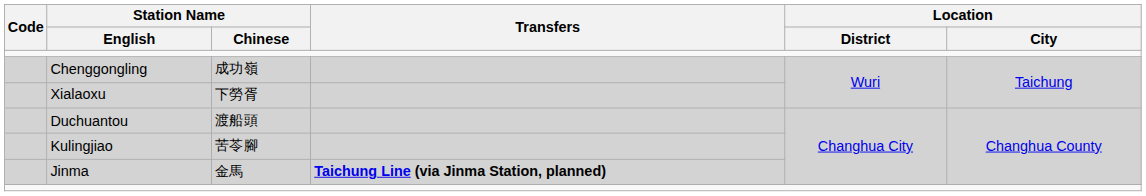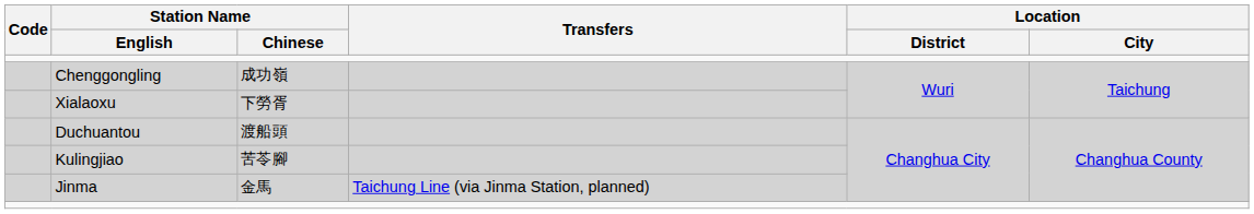 <table class="wikitable" style="width: 100%">
 <tr bgcolor = "lightgrey">
 <th scope="col" rowspan="2" style="width: 30px;">Code</th>
 <th colspan="2">Station Name</th>
 <th rowspan="2">Transfers</th>
 <th colspan="2">Location</th>
 </tr>
 <tr bgcolor = "lightgrey">
 <th>English</th>
 <th>Chinese</th>
 <th>District</th>
 <th>City</th>
 </tr>
 <tr>
 <td colspan = "6"></td>
 </tr>
 <tr bgcolor = "lightgrey">
 <td></td>
 <td>Chenggongling</td>
 <td>成功嶺</td>
 <td> </td>
 <td rowspan="2" style="text-align:center;"><a href='#'>Wuri</a></td>
 <td rowspan="2" style="text-align:center;"><a href='#'>Taichung</a></td>
 </tr>
 <tr bgcolor = "lightgrey">
 <td></td>
 <td>Xialaoxu</td>
 <td>下勞胥</td>
 <td> </td>
 </tr>
 <tr bgcolor = "lightgrey">
 <td></td>
 <td>Duchuantou</td>
 <td>渡船頭</td>
 <td> </td>
 <td rowspan="3" style="text-align:center;"><a href='#'>Changhua City</a></td>
 <td rowspan="3" style="text-align:center;"><a href='#'>Changhua County</a></td>
 </tr>
 <tr bgcolor = "lightgrey">
 <td></td>
 <td>Kulingjiao</td>
 <td>苦苓腳</td>
 <td> </td>
 </tr>
 <tr bgcolor = "lightgrey">
 <td></td>
 <td>Jinma</td>
 <td>金馬</td>
-<td><strong> <a href='#'>Taichung Line</a> (via Jinma Station, planned)</strong></td>
+<td> <a href='#'>Taichung Line</a> (via Jinma Station, planned)</td>
 </tr>
 <tr>
 <td colspan = "6"></td>
 </tr>
 </table>
